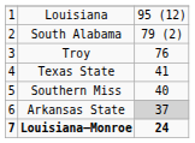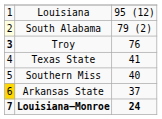 <table class="wikitable" style="display: inline-table;">
 <tr align="center">
 </tr>
 <tr align="center">
 <td>1</td>
 <td>Louisiana</td>
 <td>95 (12)</td>
 </tr>
 <tr align="center">
-<td>2</td>
+<td style="background: lightyellow;">2</td>
 <td>South Alabama</td>
 <td>79 (2)</td>
 </tr>
 <tr align="center">
-<td>3</td>
+<td><strong>3</strong></td>
 <td>Troy</td>
 <td>76</td>
 </tr>
 <tr align="center">
 <td>4</td>
 <td>Texas State</td>
 <td>41</td>
 </tr>
 <tr align="center">
 <td>5</td>
 <td>Southern Miss</td>
 <td>40</td>
 </tr>
 <tr align="center">
-<td>6</td>
+<td style="background: gold;">6</td>
 <td>Arkansas State</td>
-<td style="background: lightgrey;">37</td>
+<td>37</td>
 </tr>
 <tr align="center">
 <td><strong>7</strong></td>
 <td><strong>Louisiana–Monroe</strong></td>
 <td><strong>24</strong></td>
 </tr>
 </table>
